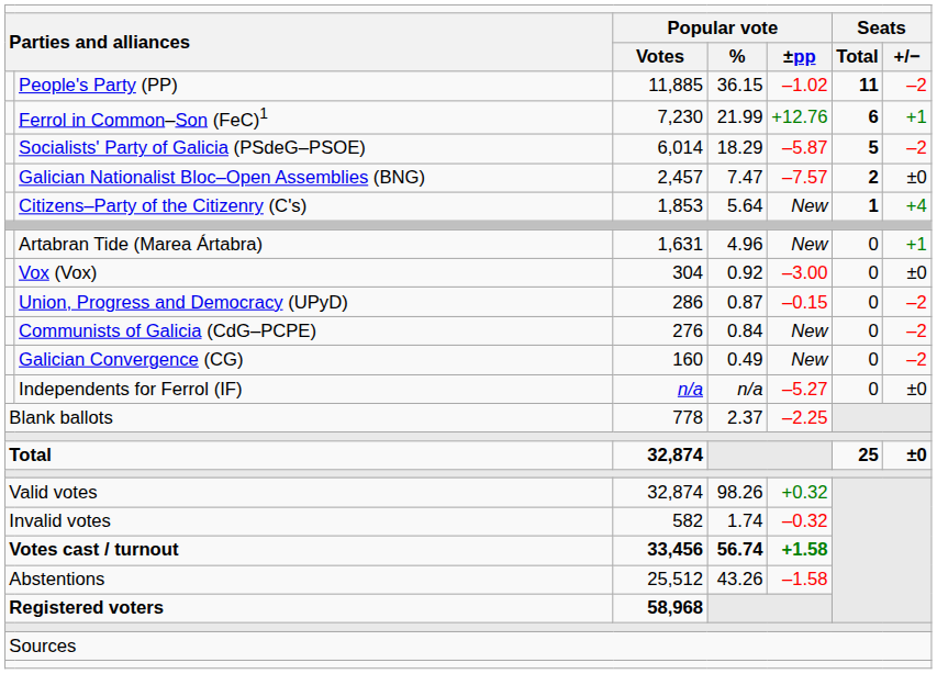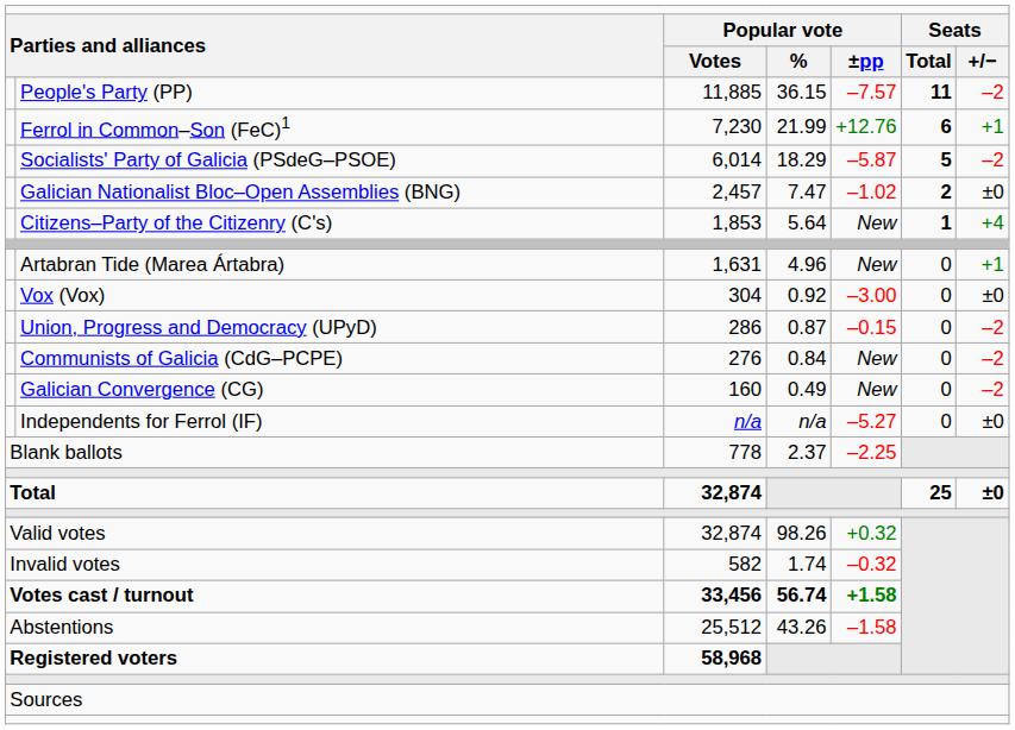 <table class="wikitable" style="text-align:right;">
 <tr>
 <td colspan="7"></td>
 </tr>
 <tr>
 <th style="text-align:left;" rowspan="2" colspan="2" width="525">Parties and alliances</th>
 <th colspan="3">Popular vote</th>
 <th colspan="2">Seats</th>
 </tr>
 <tr>
 <th width="75">Votes</th>
 <th width="45">%</th>
 <th width="45">±<a href='#'>pp</a></th>
 <th width="35">Total</th>
 <th width="35">+/−</th>
 </tr>
 <tr>
 <td width="1" style="color:inherit;background:"></td>
 <td align="left"><a href='#'>People's Party</a> (PP)</td>
 <td>11,885</td>
 <td>36.15</td>
-<td style="color:red;">–1.02</td>
+<td style="color:red;">–7.57</td>
 <td><strong>11</strong></td>
 <td style="color:red;">–2</td>
 </tr>
 <tr>
 <td style="color:inherit;background:"></td>
 <td align="left"><a href='#'>Ferrol in Common</a>–<a href='#'>Son</a> (FeC)<sup>1</sup></td>
 <td>7,230</td>
 <td>21.99</td>
 <td style="color:green;">+12.76</td>
 <td><strong>6</strong></td>
 <td style="color:green;">+1</td>
 </tr>
 <tr>
 <td style="color:inherit;background:"></td>
 <td align="left"><a href='#'>Socialists' Party of Galicia</a> (PSdeG–PSOE)</td>
 <td>6,014</td>
 <td>18.29</td>
 <td style="color:red;">–5.87</td>
 <td><strong>5</strong></td>
 <td style="color:red;">–2</td>
 </tr>
 <tr>
 <td style="color:inherit;background:"></td>
 <td align="left"><a href='#'>Galician Nationalist Bloc–Open Assemblies</a> (BNG)</td>
 <td>2,457</td>
 <td>7.47</td>
-<td style="color:red;">–7.57</td>
+<td style="color:red;">–1.02</td>
 <td><strong>2</strong></td>
 <td>±0</td>
 </tr>
 <tr>
 <td style="color:inherit;background:"></td>
 <td align="left"><a href='#'>Citizens–Party of the Citizenry</a> (C's)</td>
 <td>1,853</td>
 <td>5.64</td>
 <td><em>New</em></td>
 <td><strong>1</strong></td>
 <td style="color:green;">+4</td>
 </tr>
 <tr>
 <td colspan="7" bgcolor="#C0C0C0"></td>
 </tr>
 <tr>
 <td style="color:inherit;background:"></td>
 <td align="left">Artabran Tide (Marea Ártabra)</td>
 <td>1,631</td>
 <td>4.96</td>
 <td><em>New</em></td>
 <td>0</td>
 <td style="color:green;">+1</td>
 </tr>
 <tr>
 <td style="color:inherit;background:"></td>
 <td align="left"><a href='#'>Vox</a> (Vox)</td>
 <td>304</td>
 <td>0.92</td>
 <td style="color:red;">–3.00</td>
 <td>0</td>
 <td>±0</td>
 </tr>
 <tr>
 <td style="color:inherit;background:"></td>
 <td align="left"><a href='#'>Union, Progress and Democracy</a> (UPyD)</td>
 <td>286</td>
 <td>0.87</td>
 <td style="color:red;">–0.15</td>
 <td>0</td>
 <td style="color:red;">–2</td>
 </tr>
 <tr>
 <td style="color:inherit;background:"></td>
 <td align="left"><a href='#'>Communists of Galicia</a> (CdG–PCPE)</td>
 <td>276</td>
 <td>0.84</td>
 <td><em>New</em></td>
 <td>0</td>
 <td style="color:red;">–2</td>
 </tr>
 <tr>
 <td style="color:inherit;background:"></td>
 <td align="left"><a href='#'>Galician Convergence</a> (CG)</td>
 <td>160</td>
 <td>0.49</td>
 <td><em>New</em></td>
 <td>0</td>
 <td style="color:red;">–2</td>
 </tr>
 <tr>
 <td style="color:inherit;background:"></td>
 <td align="left">Independents for Ferrol (IF)</td>
 <td><em><a href='#'>n/a</a></em></td>
 <td><em>n/a</em></td>
 <td style="color:red;">–5.27</td>
 <td>0</td>
 <td>±0</td>
 </tr>
 <tr>
 <td align="left" colspan="2">Blank ballots</td>
 <td>778</td>
 <td>2.37</td>
 <td style="color:red;">–2.25</td>
 <td bgcolor="#E9E9E9" colspan="2"></td>
 </tr>
 <tr>
 <td colspan="7" bgcolor="#E9E9E9"></td>
 </tr>
 <tr style="font-weight:bold;">
 <td align="left" colspan="2">Total</td>
 <td>32,874</td>
 <td bgcolor="#E9E9E9" colspan="2"></td>
 <td>25</td>
 <td>±0</td>
 </tr>
 <tr>
 <td colspan="7" bgcolor="#E9E9E9"></td>
 </tr>
 <tr>
 <td align="left" colspan="2">Valid votes</td>
 <td>32,874</td>
 <td>98.26</td>
 <td style="color:green;">+0.32</td>
 <td bgcolor="#E9E9E9" colspan="2" rowspan="5"></td>
 </tr>
 <tr>
 <td align="left" colspan="2">Invalid votes</td>
 <td>582</td>
 <td>1.74</td>
 <td style="color:red;">–0.32</td>
 </tr>
 <tr style="font-weight:bold;">
 <td align="left" colspan="2">Votes cast / turnout</td>
 <td>33,456</td>
 <td>56.74</td>
 <td style="color:green;">+1.58</td>
 </tr>
 <tr>
 <td align="left" colspan="2">Abstentions</td>
 <td>25,512</td>
 <td>43.26</td>
 <td style="color:red;">–1.58</td>
 </tr>
 <tr style="font-weight:bold;">
 <td align="left" colspan="2">Registered voters</td>
 <td>58,968</td>
 <td bgcolor="#E9E9E9" colspan="2"></td>
 </tr>
 <tr>
 <td colspan="7" bgcolor="#E9E9E9"></td>
 </tr>
 <tr>
 <td align="left" colspan="7">Sources</td>
 </tr>
 <tr>
 <td colspan="7" style="text-align:left; max-width:790px;"></td>
 </tr>
 </table>
